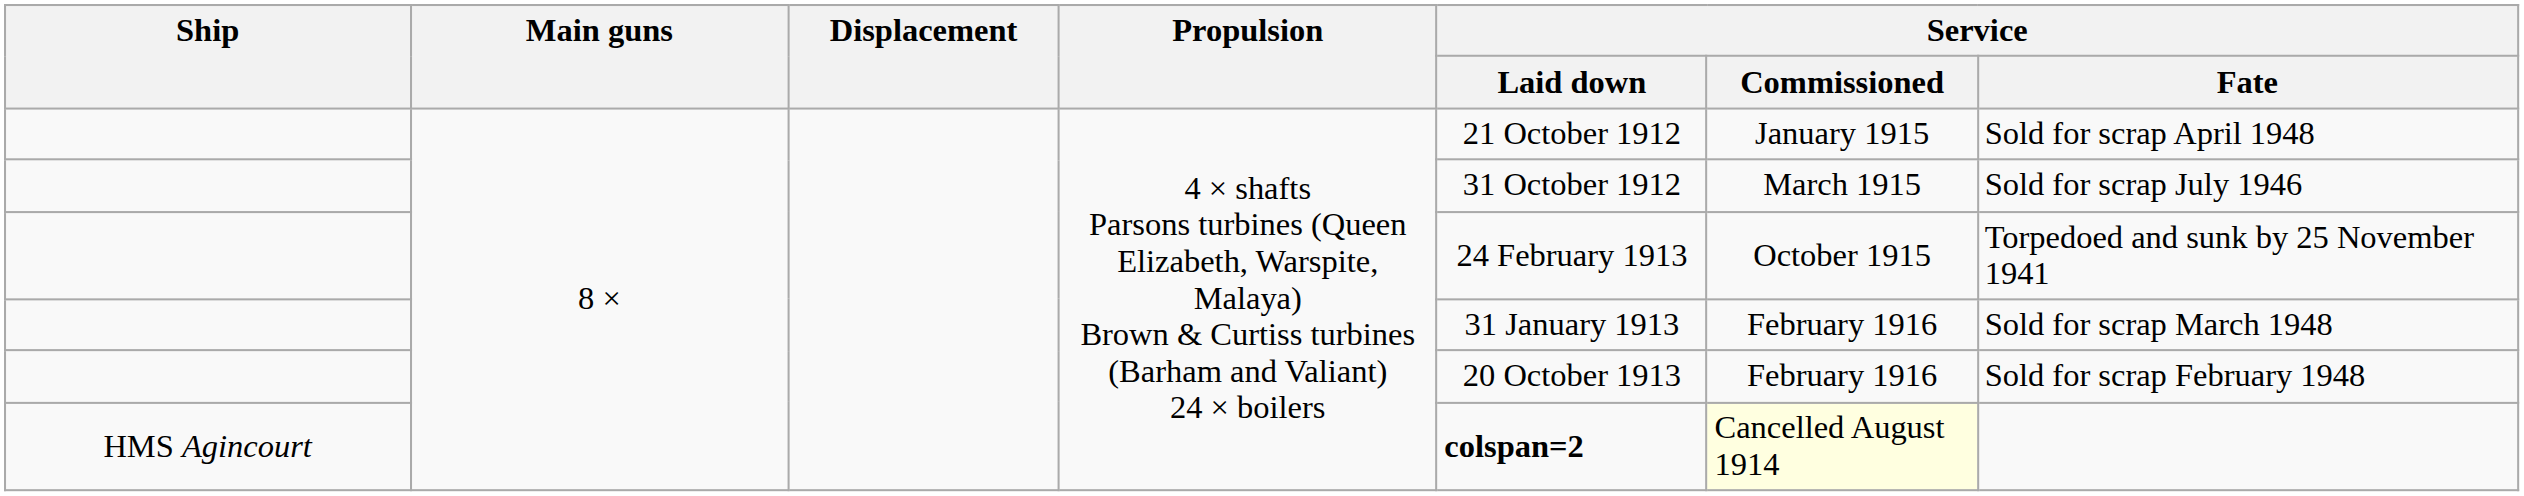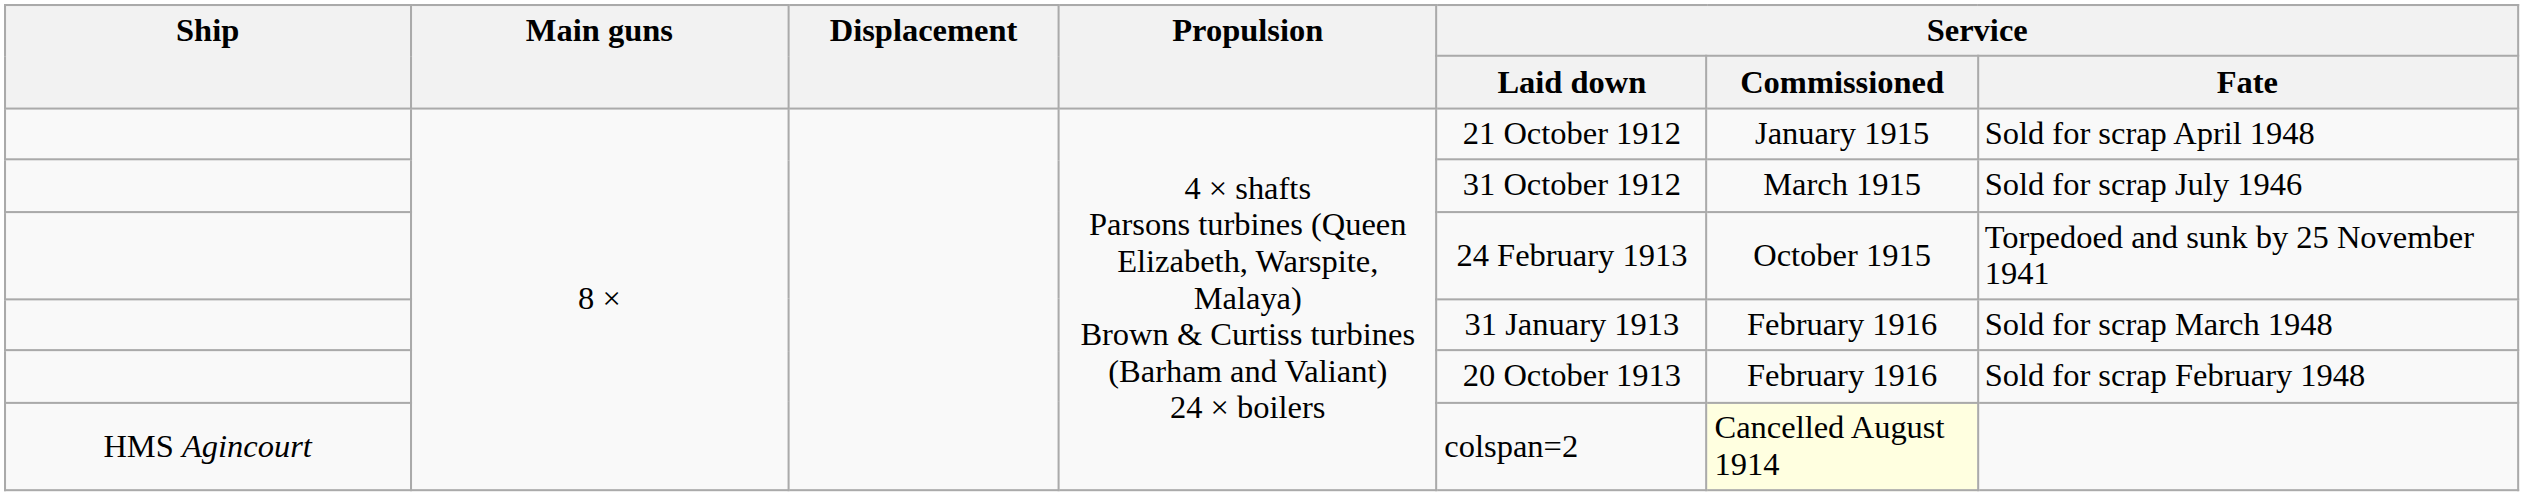 <table class="wikitable" style="width:98%;">
 <tr valign="top"|- valign="top">
 <th style="width:15%; text-align:center;" rowspan="2">Ship</th>
 <th style="width:14%; text-align:center;" rowspan="2">Main guns</th>
 <th style="width:10%; text-align:center;" rowspan="2">Displacement</th>
 <th style="width:14%; text-align:center;" rowspan="2">Propulsion</th>
 <th style="width:40%; text-align:center;" colspan="3">Service</th>
 </tr>
 <tr valign="top">
 <th style="width:10%; text-align:center;">Laid down</th>
 <th style="width:10%; text-align:center;">Commissioned</th>
 <th style="width:20%; text-align:center;">Fate</th>
 </tr>
 <tr valign="center">
 <td align= center></td>
 <td rowspan="6" style="text-align:center;">8 × </td>
 <td rowspan="6" style="text-align:center;"></td>
 <td rowspan="6" align="center">4 × shafts<br>Parsons turbines (Queen Elizabeth, Warspite, Malaya)<br>Brown & Curtiss turbines (Barham and Valiant)<br>24 × boilers</td>
 <td style="text-align:center;">21 October 1912</td>
 <td style="text-align:center;">January 1915</td>
 <td align= left>Sold for scrap April 1948</td>
 </tr>
 <tr valign="center">
 <td align= center></td>
 <td style="text-align:center;">31 October 1912</td>
 <td style="text-align:center;">March 1915</td>
 <td align= left>Sold for scrap July 1946</td>
 </tr>
 <tr valign="center">
 <td align= center></td>
 <td style="text-align:center;">24 February 1913</td>
 <td style="text-align:center;">October 1915</td>
 <td align= left>Torpedoed and sunk by  25 November 1941</td>
 </tr>
 <tr valign="center">
 <td align= center></td>
 <td style="text-align:center;">31 January 1913</td>
 <td style="text-align:center;">February 1916</td>
 <td align= left>Sold for scrap March 1948</td>
 </tr>
 <tr valign="center">
 <td align= center></td>
 <td style="text-align:center;">20 October 1913</td>
 <td style="text-align:center;">February 1916</td>
 <td align= left>Sold for scrap February 1948</td>
 </tr>
 <tr>
 <td align= center>HMS <em>Agincourt</em></td>
-<td><strong>colspan=2 </strong></td>
+<td>colspan=2 </td>
 <td align= left style="background: lightyellow;">Cancelled August 1914</td>
 </tr>
 </table>
